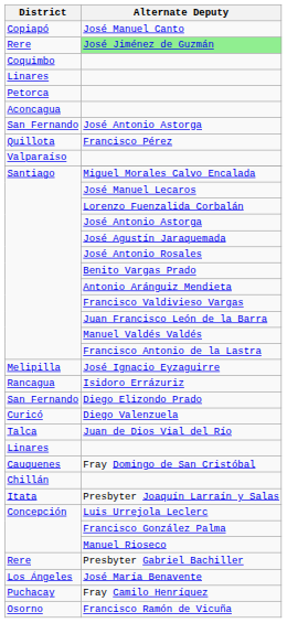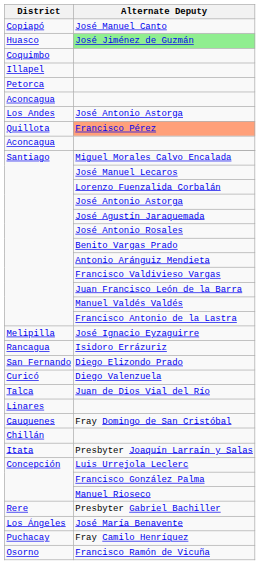 <table class="wikitable">
 <tr>
 <th>District</th>
 <th>Alternate Deputy</th>
 </tr>
 <tr>
 <td><a href='#'>Copiapó</a></td>
 <td><a href='#'>José Manuel Canto</a></td>
 </tr>
 <tr>
-<td><a href='#'>Rere</a></td>
+<td><a href='#'>Huasco</a></td>
 <td style="background: lightgreen;"><a href='#'>José Jiménez de Guzmán</a></td>
 </tr>
 <tr>
 <td><a href='#'>Coquimbo</a></td>
 <td></td>
 </tr>
 <tr>
-<td><a href='#'>Linares</a></td>
+<td><a href='#'>Illapel</a></td>
 <td></td>
 </tr>
 <tr>
 <td><a href='#'>Petorca</a></td>
 <td></td>
 </tr>
 <tr>
 <td><a href='#'>Aconcagua</a></td>
 <td></td>
 </tr>
 <tr>
-<td><a href='#'>San Fernando</a></td>
+<td><a href='#'>Los Andes</a></td>
 <td><a href='#'>José Antonio Astorga</a></td>
 </tr>
 <tr>
 <td><a href='#'>Quillota</a></td>
-<td><a href='#'>Francisco Pérez</a></td>
+<td style="background: lightsalmon;"><a href='#'>Francisco Pérez</a></td>
 </tr>
 <tr>
-<td><a href='#'>Valparaíso</a></td>
+<td><a href='#'>Aconcagua</a></td>
 <td></td>
 </tr>
 <tr>
 <td colspan="1" rowspan="13" valign="top"><a href='#'>Santiago</a></td>
 </tr>
 <tr>
 <td><a href='#'>Miguel Morales Calvo Encalada</a></td>
 </tr>
 <tr>
 <td><a href='#'>José Manuel Lecaros</a></td>
 </tr>
 <tr>
 <td><a href='#'>Lorenzo Fuenzalida Corbalán</a></td>
 </tr>
 <tr>
 <td><a href='#'>José Antonio Astorga</a></td>
 </tr>
 <tr>
 <td><a href='#'>José Agustín Jaraquemada</a></td>
 </tr>
 <tr>
 <td><a href='#'>José Antonio Rosales</a></td>
 </tr>
 <tr>
 <td><a href='#'>Benito Vargas Prado</a></td>
 </tr>
 <tr>
 <td><a href='#'>Antonio Aránguiz Mendieta</a></td>
 </tr>
 <tr>
 <td><a href='#'>Francisco Valdivieso Vargas</a></td>
 </tr>
 <tr>
 <td><a href='#'>Juan Francisco León de la Barra</a></td>
 </tr>
 <tr>
 <td><a href='#'>Manuel Valdés Valdés</a></td>
 </tr>
 <tr>
 <td><a href='#'>Francisco Antonio de la Lastra</a></td>
 </tr>
 <tr>
 <td><a href='#'>Melipilla</a></td>
 <td><a href='#'>José Ignacio Eyzaguirre</a></td>
 </tr>
 <tr>
 <td><a href='#'>Rancagua</a></td>
 <td><a href='#'>Isidoro Errázuriz</a></td>
 </tr>
 <tr>
 <td><a href='#'>San Fernando</a></td>
 <td><a href='#'>Diego Elizondo Prado</a></td>
 </tr>
 <tr>
 <td><a href='#'>Curicó</a></td>
 <td><a href='#'>Diego Valenzuela</a></td>
 </tr>
 <tr>
 <td><a href='#'>Talca</a></td>
 <td><a href='#'>Juan de Dios Vial del Río</a></td>
 </tr>
 <tr>
 <td><a href='#'>Linares</a></td>
 <td></td>
 </tr>
 <tr>
 <td><a href='#'>Cauquenes</a></td>
 <td>Fray <a href='#'>Domingo de San Cristóbal</a></td>
 </tr>
 <tr>
 <td><a href='#'>Chillán</a></td>
 <td></td>
 </tr>
 <tr>
 <td><a href='#'>Itata</a></td>
 <td>Presbyter <a href='#'>Joaquín Larraín y Salas</a></td>
 </tr>
 <tr>
 <td colspan="1" rowspan="3" valign="top"><a href='#'>Concepción</a></td>
 <td><a href='#'>Luis Urrejola Leclerc</a></td>
 </tr>
 <tr>
 <td><a href='#'>Francisco González Palma</a></td>
 </tr>
 <tr>
 <td><a href='#'>Manuel Rioseco</a></td>
 </tr>
 <tr>
 <td><a href='#'>Rere</a></td>
 <td>Presbyter <a href='#'>Gabriel Bachiller</a></td>
 </tr>
 <tr>
 <td><a href='#'>Los Ángeles</a></td>
 <td><a href='#'>José María Benavente</a></td>
 </tr>
 <tr>
 <td><a href='#'>Puchacay</a></td>
 <td>Fray <a href='#'>Camilo Henríquez</a></td>
 </tr>
 <tr>
 <td><a href='#'>Osorno</a></td>
 <td><a href='#'>Francisco Ramón de Vicuña</a></td>
 </tr>
 </table>
